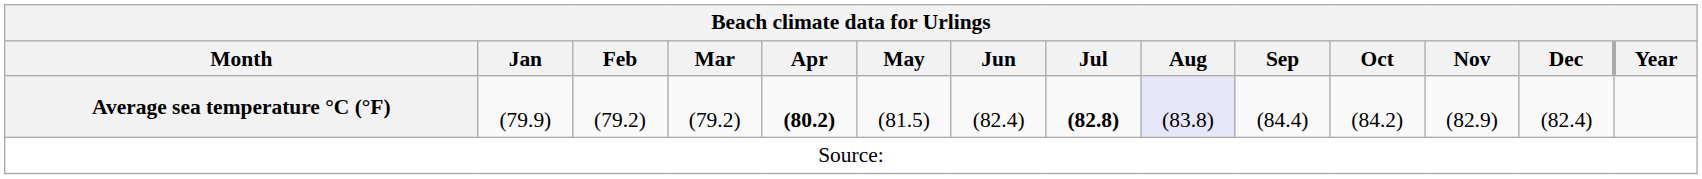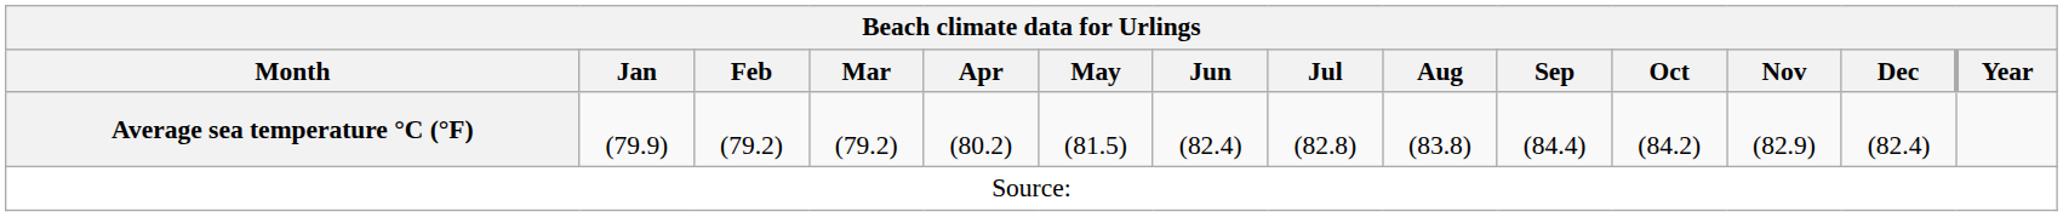 <table class="wikitable" style="width:100%;text-align:center;line-height:1.2em;margin-left:auto;margin-right:auto">
 <tr>
 <th colspan="14">Beach climate data for Urlings</th>
 </tr>
 <tr>
 <th>Month</th>
 <th>Jan</th>
 <th>Feb</th>
 <th>Mar</th>
 <th>Apr</th>
 <th>May</th>
 <th>Jun</th>
 <th>Jul</th>
 <th>Aug</th>
 <th>Sep</th>
 <th>Oct</th>
 <th>Nov</th>
 <th>Dec</th>
 <th style="border-left-width:medium">Year</th>
 </tr>
 <tr>
 <th>Average sea temperature °C (°F)</th>
 <td><br>(79.9)</td>
 <td><br>(79.2)</td>
 <td><br>(79.2)</td>
-<td><strong><br>(80.2)</strong></td>
+<td><br>(80.2)</td>
 <td><br>(81.5)</td>
 <td><br>(82.4)</td>
-<td><strong><br>(82.8)</strong></td>
-<td style="background: lavender;"><br>(83.8)</td>
+<td><br>(82.8)</td>
+<td><br>(83.8)</td>
 <td><br>(84.4)</td>
 <td><br>(84.2)</td>
 <td><br>(82.9)</td>
 <td><br>(82.4)</td>
 <td><br></td>
 </tr>
 <tr>
 <th colspan="14" style="background:#ffffff;font-weight:normal;font-size:100%;">Source:</th>
 </tr>
 </table>
